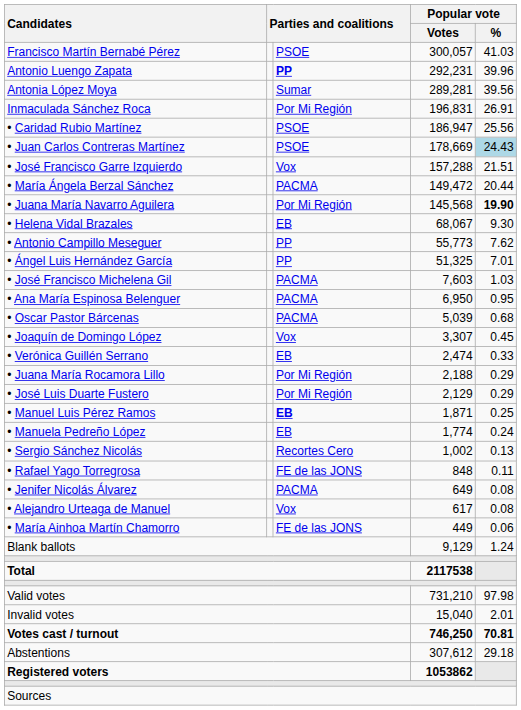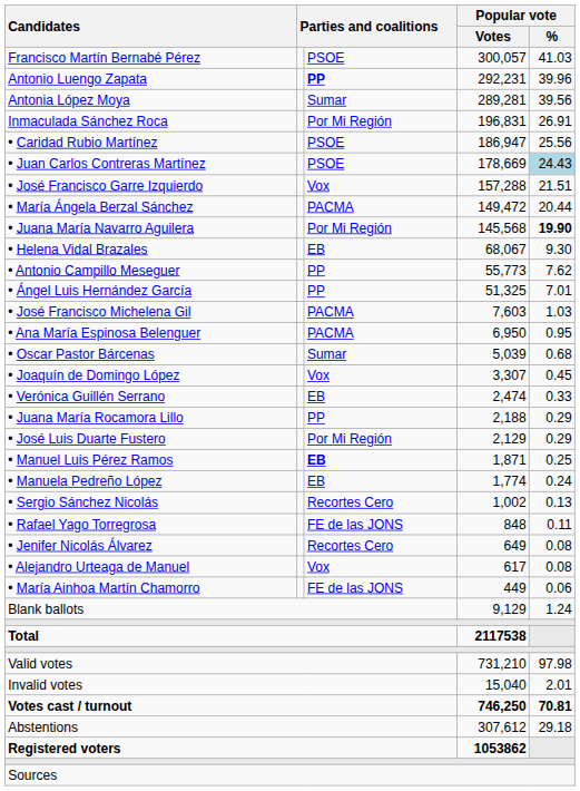 <table class="wikitable" style="text-align:right; font-size:95%;">
 <tr>
 <th style="text-align:left;" rowspan="2" width="325">Candidates</th>
 <th style="text-align:left;" rowspan="2" colspan="2" width="175">Parties and coalitions</th>
 <th colspan="2">Popular vote</th>
 </tr>
 <tr>
 <th width="75">Votes</th>
 <th width="45">%</th>
 </tr>
 <tr>
 <td align="left"> <a href='#'>Francisco Martín Bernabé Pérez</a></td>
 <td width="1" style="color:inherit;background:"></td>
 <td align="left"><a href='#'>PSOE</a></td>
 <td>300,057</td>
 <td>41.03</td>
 </tr>
 <tr>
 <td align="left"> <a href='#'>Antonio Luengo Zapata</a></td>
 <td width="1" style="color:inherit;background:"></td>
 <td align="left"><strong><a href='#'>PP</a></strong></td>
 <td>292,231</td>
 <td>39.96</td>
 </tr>
 <tr>
 <td align="left"> <a href='#'>Antonia López Moya</a></td>
 <td width="1" style="color:inherit;background:"></td>
 <td align="left"><a href='#'>Sumar</a></td>
 <td>289,281</td>
 <td>39.56</td>
 </tr>
 <tr>
 <td align="left"> <a href='#'>Inmaculada Sánchez Roca</a></td>
 <td width="1" style="color:inherit;background:"></td>
 <td align="left"><a href='#'>Por Mi Región</a></td>
 <td>196,831</td>
 <td>26.91</td>
 </tr>
 <tr>
 <td align="left">• <a href='#'>Caridad Rubio Martínez</a></td>
 <td width="1" style="color:inherit;background:"></td>
 <td align="left"><a href='#'>PSOE</a></td>
 <td>186,947</td>
 <td>25.56</td>
 </tr>
 <tr>
 <td align="left">• <a href='#'>Juan Carlos Contreras Martínez</a></td>
 <td width="1" style="color:inherit;background:"></td>
 <td align="left"><a href='#'>PSOE</a></td>
 <td>178,669</td>
 <td style="background: lightblue;">24.43</td>
 </tr>
 <tr>
 <td align="left">• <a href='#'>José Francisco Garre Izquierdo</a></td>
 <td width="1" style="color:inherit;background:"></td>
 <td align="left"><a href='#'>Vox</a></td>
 <td>157,288</td>
 <td>21.51</td>
 </tr>
 <tr>
 <td align="left">• <a href='#'>María Ángela Berzal Sánchez</a></td>
 <td width="1" style="color:inherit;background:"></td>
 <td align="left"><a href='#'>PACMA</a></td>
 <td>149,472</td>
 <td>20.44</td>
 </tr>
 <tr>
 <td align="left">• <a href='#'>Juana María Navarro Aguilera</a></td>
 <td width="1" style="color:inherit;background:"></td>
 <td align="left"><a href='#'>Por Mi Región</a></td>
 <td>145,568</td>
 <td><strong>19.90</strong></td>
 </tr>
 <tr>
 <td align="left">• <a href='#'>Helena Vidal Brazales</a></td>
 <td width="1" style="color:inherit;background:"></td>
 <td align="left"><a href='#'>EB</a></td>
 <td>68,067</td>
 <td>9.30</td>
 </tr>
 <tr>
 <td align="left">• <a href='#'>Antonio Campillo Meseguer</a></td>
 <td width="1" style="color:inherit;background:"></td>
 <td align="left"><a href='#'>PP</a></td>
 <td>55,773</td>
 <td>7.62</td>
 </tr>
 <tr>
 <td align="left">• <a href='#'>Ángel Luis Hernández García</a></td>
 <td width="1" style="color:inherit;background:"></td>
 <td align="left"><a href='#'>PP</a></td>
 <td>51,325</td>
 <td>7.01</td>
 </tr>
 <tr>
 <td align="left">• <a href='#'>José Francisco Michelena Gil</a></td>
 <td width="1" style="color:inherit;background:"></td>
 <td align="left"><a href='#'>PACMA</a></td>
 <td>7,603</td>
 <td>1.03</td>
 </tr>
 <tr>
 <td align="left">• <a href='#'>Ana María Espinosa Belenguer</a></td>
 <td width="1" style="color:inherit;background:"></td>
 <td align="left"><a href='#'>PACMA</a></td>
 <td>6,950</td>
 <td>0.95</td>
 </tr>
 <tr>
 <td align="left">• <a href='#'>Oscar Pastor Bárcenas</a></td>
 <td width="1" style="color:inherit;background:"></td>
-<td align="left"><a href='#'>PACMA</a></td>
+<td align="left"><a href='#'>Sumar</a></td>
 <td>5,039</td>
 <td>0.68</td>
 </tr>
 <tr>
 <td align="left">• <a href='#'>Joaquín de Domingo López</a></td>
 <td width="1" style="color:inherit;background:"></td>
 <td align="left"><a href='#'>Vox</a></td>
 <td>3,307</td>
 <td>0.45</td>
 </tr>
 <tr>
 <td align="left">• <a href='#'>Verónica Guillén Serrano</a></td>
 <td width="1" style="color:inherit;background:"></td>
 <td align="left"><a href='#'>EB</a></td>
 <td>2,474</td>
 <td>0.33</td>
 </tr>
 <tr>
 <td align="left">• <a href='#'>Juana María Rocamora Lillo</a></td>
 <td width="1" style="color:inherit;background:"></td>
-<td align="left"><a href='#'>Por Mi Región</a></td>
+<td align="left"><a href='#'>PP</a></td>
 <td>2,188</td>
 <td>0.29</td>
 </tr>
 <tr>
 <td align="left">• <a href='#'>José Luis Duarte Fustero</a></td>
 <td width="1" style="color:inherit;background:"></td>
 <td align="left"><a href='#'>Por Mi Región</a></td>
 <td>2,129</td>
 <td>0.29</td>
 </tr>
 <tr>
 <td align="left">• <a href='#'>Manuel Luis Pérez Ramos</a></td>
 <td width="1" style="color:inherit;background:"></td>
 <td align="left"><strong><a href='#'>EB</a></strong></td>
 <td>1,871</td>
 <td>0.25</td>
 </tr>
 <tr>
 <td align="left">• <a href='#'>Manuela Pedreño López</a></td>
 <td width="1" style="color:inherit;background:"></td>
 <td align="left"><a href='#'>EB</a></td>
 <td>1,774</td>
 <td>0.24</td>
 </tr>
 <tr>
 <td align="left">• <a href='#'>Sergio Sánchez Nicolás</a></td>
 <td width="1" style="color:inherit;background:"></td>
 <td align="left"><a href='#'>Recortes Cero</a></td>
 <td>1,002</td>
 <td>0.13</td>
 </tr>
 <tr>
 <td align="left">• <a href='#'>Rafael Yago Torregrosa</a></td>
 <td width="1" style="color:inherit;background:"></td>
 <td align="left"><a href='#'>FE de las JONS</a></td>
 <td>848</td>
 <td>0.11</td>
 </tr>
 <tr>
 <td align="left">• <a href='#'>Jenifer Nicolás Álvarez</a></td>
 <td width="1" style="color:inherit;background:"></td>
-<td align="left"><a href='#'>PACMA</a></td>
+<td align="left"><a href='#'>Recortes Cero</a></td>
 <td>649</td>
 <td>0.08</td>
 </tr>
 <tr>
 <td align="left">• <a href='#'>Alejandro Urteaga de Manuel</a></td>
 <td width="1" style="color:inherit;background:"></td>
 <td align="left"><a href='#'>Vox</a></td>
 <td>617</td>
 <td>0.08</td>
 </tr>
 <tr>
 <td align="left">• <a href='#'>María Ainhoa Martín Chamorro</a></td>
 <td width="1" style="color:inherit;background:"></td>
 <td align="left"><a href='#'>FE de las JONS</a></td>
 <td>449</td>
 <td>0.06</td>
 </tr>
 <tr>
 <td align="left" colspan="3">Blank ballots</td>
 <td>9,129</td>
 <td>1.24</td>
 </tr>
 <tr>
 <td colspan="5" bgcolor="#E9E9E9"></td>
 </tr>
 <tr style="font-weight:bold;">
 <td align="left" colspan="3">Total</td>
 <td>2117538</td>
 <td bgcolor="#E9E9E9"></td>
 </tr>
 <tr>
 <td colspan="5" bgcolor="#E9E9E9"></td>
 </tr>
 <tr>
 <td align="left" colspan="3">Valid votes</td>
 <td>731,210</td>
 <td>97.98</td>
 </tr>
 <tr>
 <td align="left" colspan="3">Invalid votes</td>
 <td>15,040</td>
 <td>2.01</td>
 </tr>
 <tr style="font-weight:bold;">
 <td align="left" colspan="3">Votes cast / turnout</td>
 <td>746,250</td>
 <td>70.81</td>
 </tr>
 <tr>
 <td align="left" colspan="3">Abstentions</td>
 <td>307,612</td>
 <td>29.18</td>
 </tr>
 <tr style="font-weight:bold;">
 <td align="left" colspan="3">Registered voters</td>
 <td>1053862</td>
 <td bgcolor="#E9E9E9"></td>
 </tr>
 <tr>
 <td colspan="5" bgcolor="#E9E9E9"></td>
 </tr>
 <tr>
 <td align="left" colspan="5">Sources</td>
 </tr>
 </table>
